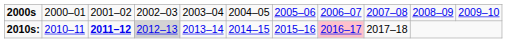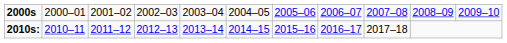 <table class="wikitable">
 <tr>
 <td><strong>2000s</strong></td>
 <td>2000–01</td>
 <td>2001–02</td>
 <td>2002–03</td>
 <td>2003–04</td>
 <td>2004–05</td>
 <td><a href='#'>2005–06</a></td>
 <td><a href='#'>2006–07</a></td>
 <td><a href='#'>2007–08</a></td>
 <td><a href='#'>2008–09</a></td>
 <td><a href='#'>2009–10</a></td>
 </tr>
 <tr>
 <td><strong>2010s:</strong></td>
 <td><a href='#'>2010–11</a></td>
-<td><strong><a href='#'>2011–12</a></strong></td>
-<td style="background: lightgrey;"><a href='#'>2012–13</a></td>
+<td><a href='#'>2011–12</a></td>
+<td><a href='#'>2012–13</a></td>
 <td><a href='#'>2013–14</a></td>
 <td><a href='#'>2014–15</a></td>
 <td><a href='#'>2015–16</a></td>
-<td style="background: pink;"><a href='#'>2016–17</a></td>
+<td><a href='#'>2016–17</a></td>
 <td>2017–18</td>
 </tr>
 </table>
